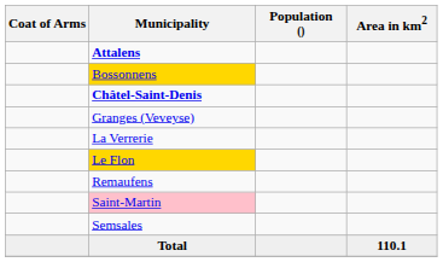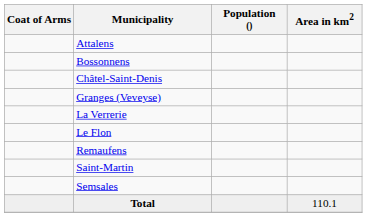 <table class="wikitable">
 <tr>
 <th>Coat of Arms</th>
 <th width="190">Municipality</th>
 <th width="100">Population<br><small>()</small></th>
 <th width="100">Area in km<sup>2</sup><small></small></th>
 </tr>
 <tr>
 <td align="center"></td>
-<td align="left"><strong><a href='#'>Attalens</a></strong></td>
+<td align="left"><a href='#'>Attalens</a></td>
 <td align="center"></td>
 <td align="center"></td>
 </tr>
 <tr>
 <td align="center"></td>
-<td align="left" style="background: gold;"><a href='#'>Bossonnens</a></td>
+<td align="left"><a href='#'>Bossonnens</a></td>
 <td align="center"></td>
 <td align="center"></td>
 </tr>
 <tr>
 <td align="center"></td>
-<td align="left"><strong><a href='#'>Châtel-Saint-Denis</a></strong></td>
+<td align="left"><a href='#'>Châtel-Saint-Denis</a></td>
 <td align="center"></td>
 <td align="center"></td>
 </tr>
 <tr>
 <td align="center"></td>
 <td align="left"><a href='#'>Granges (Veveyse)</a></td>
 <td align="center"></td>
 <td align="center"></td>
 </tr>
 <tr>
 <td align="center"></td>
 <td align="left"><a href='#'>La Verrerie</a></td>
 <td align="center"></td>
 <td align="center"></td>
 </tr>
 <tr>
 <td align="center"></td>
-<td align="left" style="background: gold;"><a href='#'>Le Flon</a></td>
+<td align="left"><a href='#'>Le Flon</a></td>
 <td align="center"></td>
 <td align="center"></td>
 </tr>
 <tr>
 <td align="center"></td>
 <td align="left"><a href='#'>Remaufens</a></td>
 <td align="center"></td>
 <td align="center"></td>
 </tr>
 <tr>
 <td align="center"></td>
-<td align="left" style="background: pink;"><a href='#'>Saint-Martin</a></td>
+<td align="left"><a href='#'>Saint-Martin</a></td>
 <td align="center"></td>
 <td align="center"></td>
 </tr>
 <tr>
 <td align="center"></td>
 <td align="left"><a href='#'>Semsales</a></td>
 <td align="center"></td>
 <td align="center"></td>
 </tr>
 <tr style="background-color:#EFEFEF;">
 <td></td>
 <td align="center"><strong>Total</strong></td>
 <td align="center"></td>
-<td align="center"><strong>110.1</strong></td>
+<td align="center">110.1</td>
 </tr>
 <tr>
 </tr>
 </table>
